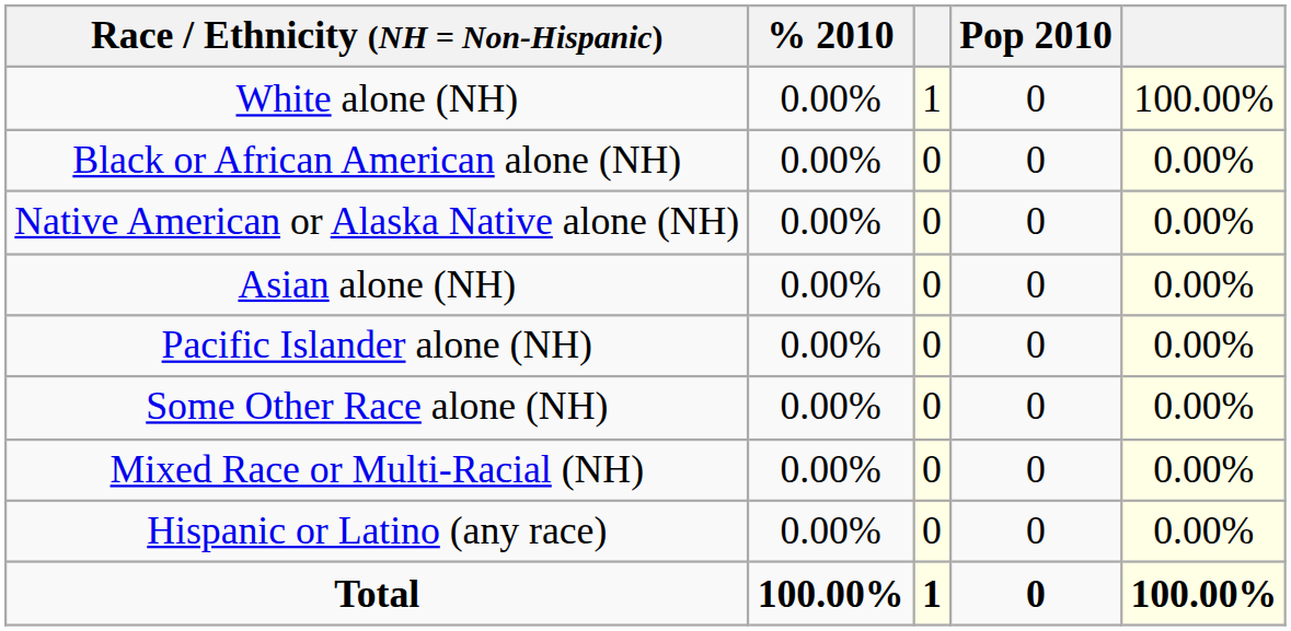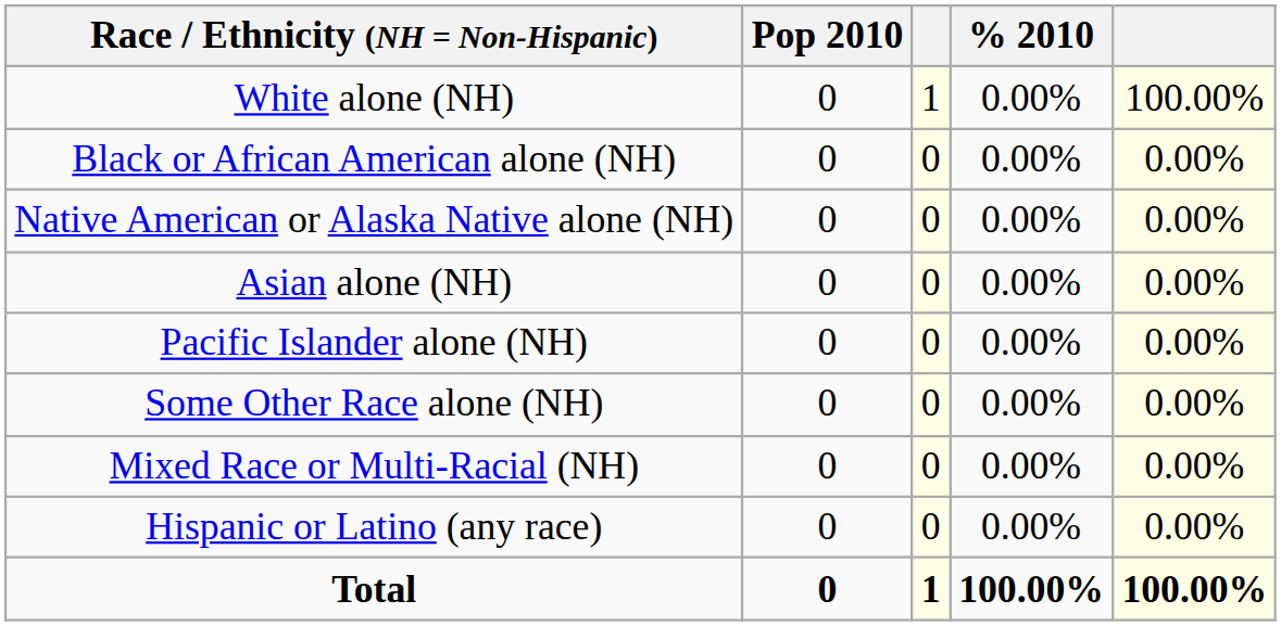 <table class="wikitable" style="text-align:center;">
 <tr>
 <th>Race / Ethnicity <small>(<em>NH = Non-Hispanic</em>)</small></th>
+<th>Pop 2010</th>
+<th></th>
 <th>% 2010</th>
-<th></th>
-<th>Pop 2010</th>
 <th></th>
 </tr>
 <tr>
 <td><a href='#'>White</a> alone (NH)</td>
+<td>0</td>
+<td style='background: #ffffe6;'>1</td>
 <td>0.00%</td>
-<td style='background: #ffffe6;'>1</td>
-<td>0</td>
 <td style='background: #ffffe6;'>100.00%</td>
 </tr>
 <tr>
 <td><a href='#'>Black or African American</a> alone (NH)</td>
+<td>0</td>
+<td style='background: #ffffe6;'>0</td>
 <td>0.00%</td>
-<td style='background: #ffffe6;'>0</td>
-<td>0</td>
 <td style='background: #ffffe6;'>0.00%</td>
 </tr>
 <tr>
 <td><a href='#'>Native American</a> or <a href='#'>Alaska Native</a> alone (NH)</td>
+<td>0</td>
+<td style='background: #ffffe6;'>0</td>
 <td>0.00%</td>
-<td style='background: #ffffe6;'>0</td>
-<td>0</td>
 <td style='background: #ffffe6;'>0.00%</td>
 </tr>
 <tr>
 <td><a href='#'>Asian</a> alone (NH)</td>
+<td>0</td>
+<td style='background: #ffffe6;'>0</td>
 <td>0.00%</td>
-<td style='background: #ffffe6;'>0</td>
-<td>0</td>
 <td style='background: #ffffe6;'>0.00%</td>
 </tr>
 <tr>
 <td><a href='#'>Pacific Islander</a> alone (NH)</td>
+<td>0</td>
+<td style='background: #ffffe6;'>0</td>
 <td>0.00%</td>
-<td style='background: #ffffe6;'>0</td>
-<td>0</td>
 <td style='background: #ffffe6;'>0.00%</td>
 </tr>
 <tr>
 <td><a href='#'>Some Other Race</a> alone (NH)</td>
+<td>0</td>
+<td style='background: #ffffe6;'>0</td>
 <td>0.00%</td>
-<td style='background: #ffffe6;'>0</td>
-<td>0</td>
 <td style='background: #ffffe6;'>0.00%</td>
 </tr>
 <tr>
 <td><a href='#'>Mixed Race or Multi-Racial</a> (NH)</td>
+<td>0</td>
+<td style='background: #ffffe6;'>0</td>
 <td>0.00%</td>
-<td style='background: #ffffe6;'>0</td>
-<td>0</td>
 <td style='background: #ffffe6;'>0.00%</td>
 </tr>
 <tr>
 <td><a href='#'>Hispanic or Latino</a> (any race)</td>
+<td>0</td>
+<td style='background: #ffffe6;'>0</td>
 <td>0.00%</td>
-<td style='background: #ffffe6;'>0</td>
-<td>0</td>
 <td style='background: #ffffe6;'>0.00%</td>
 </tr>
 <tr>
 <td><strong>Total</strong></td>
+<td><strong>0</strong></td>
+<td style='background: #ffffe6;'><strong>1</strong></td>
 <td><strong>100.00%</strong></td>
-<td style='background: #ffffe6;'><strong>1</strong></td>
-<td><strong>0</strong></td>
 <td style='background: #ffffe6;'><strong>100.00%</strong></td>
 </tr>
 </table>
